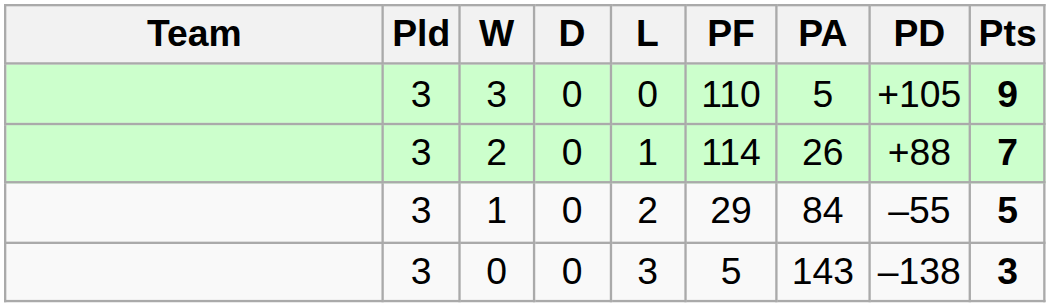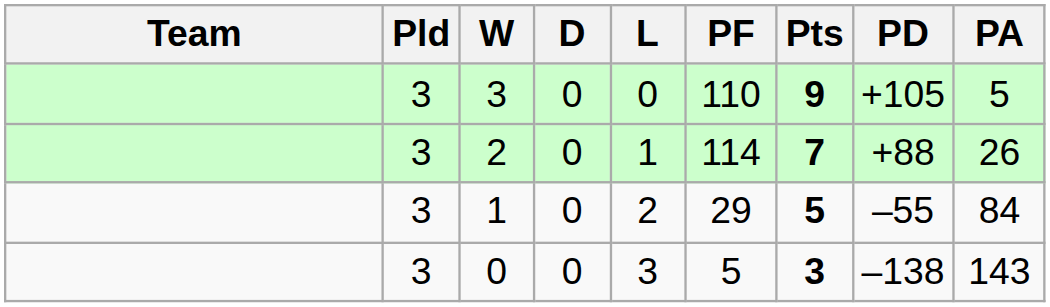 <table class="wikitable" style="text-align:center;">
 <tr>
 <th width=155>Team</th>
 <th width=25 abbr="Played">Pld</th>
 <th width=25 abbr="Won">W</th>
 <th width=25 abbr="Drawn">D</th>
 <th width=25 abbr="Lost">L</th>
 <th width=32 abbr="Points for">PF</th>
+<th width=25 abbr="Points">Pts</th>
+<th width=32 abbr="Points difference">PD</th>
 <th width=32 abbr="Points against">PA</th>
-<th width=32 abbr="Points difference">PD</th>
-<th width=25 abbr="Points">Pts</th>
 </tr>
 <tr style="background:#ccffcc">
 <td align=left></td>
 <td>3</td>
 <td>3</td>
 <td>0</td>
 <td>0</td>
 <td>110</td>
+<td><strong>9</strong></td>
+<td>+105</td>
 <td>5</td>
-<td>+105</td>
-<td><strong>9</strong></td>
 </tr>
 <tr style="background:#ccffcc">
 <td align=left></td>
 <td>3</td>
 <td>2</td>
 <td>0</td>
 <td>1</td>
 <td>114</td>
+<td><strong>7</strong></td>
+<td>+88</td>
 <td>26</td>
-<td>+88</td>
-<td><strong>7</strong></td>
 </tr>
 <tr>
 <td align=left></td>
 <td>3</td>
 <td>1</td>
 <td>0</td>
 <td>2</td>
 <td>29</td>
+<td><strong>5</strong></td>
+<td>–55</td>
 <td>84</td>
-<td>–55</td>
-<td><strong>5</strong></td>
 </tr>
 <tr>
 <td align=left></td>
 <td>3</td>
 <td>0</td>
 <td>0</td>
 <td>3</td>
 <td>5</td>
+<td><strong>3</strong></td>
+<td>–138</td>
 <td>143</td>
-<td>–138</td>
-<td><strong>3</strong></td>
 </tr>
 </table>
